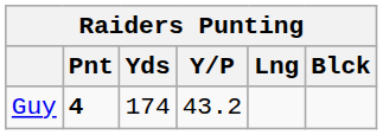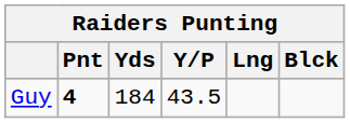 <table class="wikitable">
 <tr>
 <th colspan="6">Raiders Punting</th>
 </tr>
 <tr>
 <th></th>
 <th>Pnt</th>
 <th>Yds</th>
 <th>Y/P</th>
 <th>Lng</th>
 <th>Blck</th>
 </tr>
 <tr>
 <td><a href='#'>Guy</a></td>
 <td><strong>4</strong></td>
-<td>174</td>
-<td>43.2</td>
+<td>184</td>
+<td>43.5</td>
 <td></td>
 <td></td>
 </tr>
 </table>
